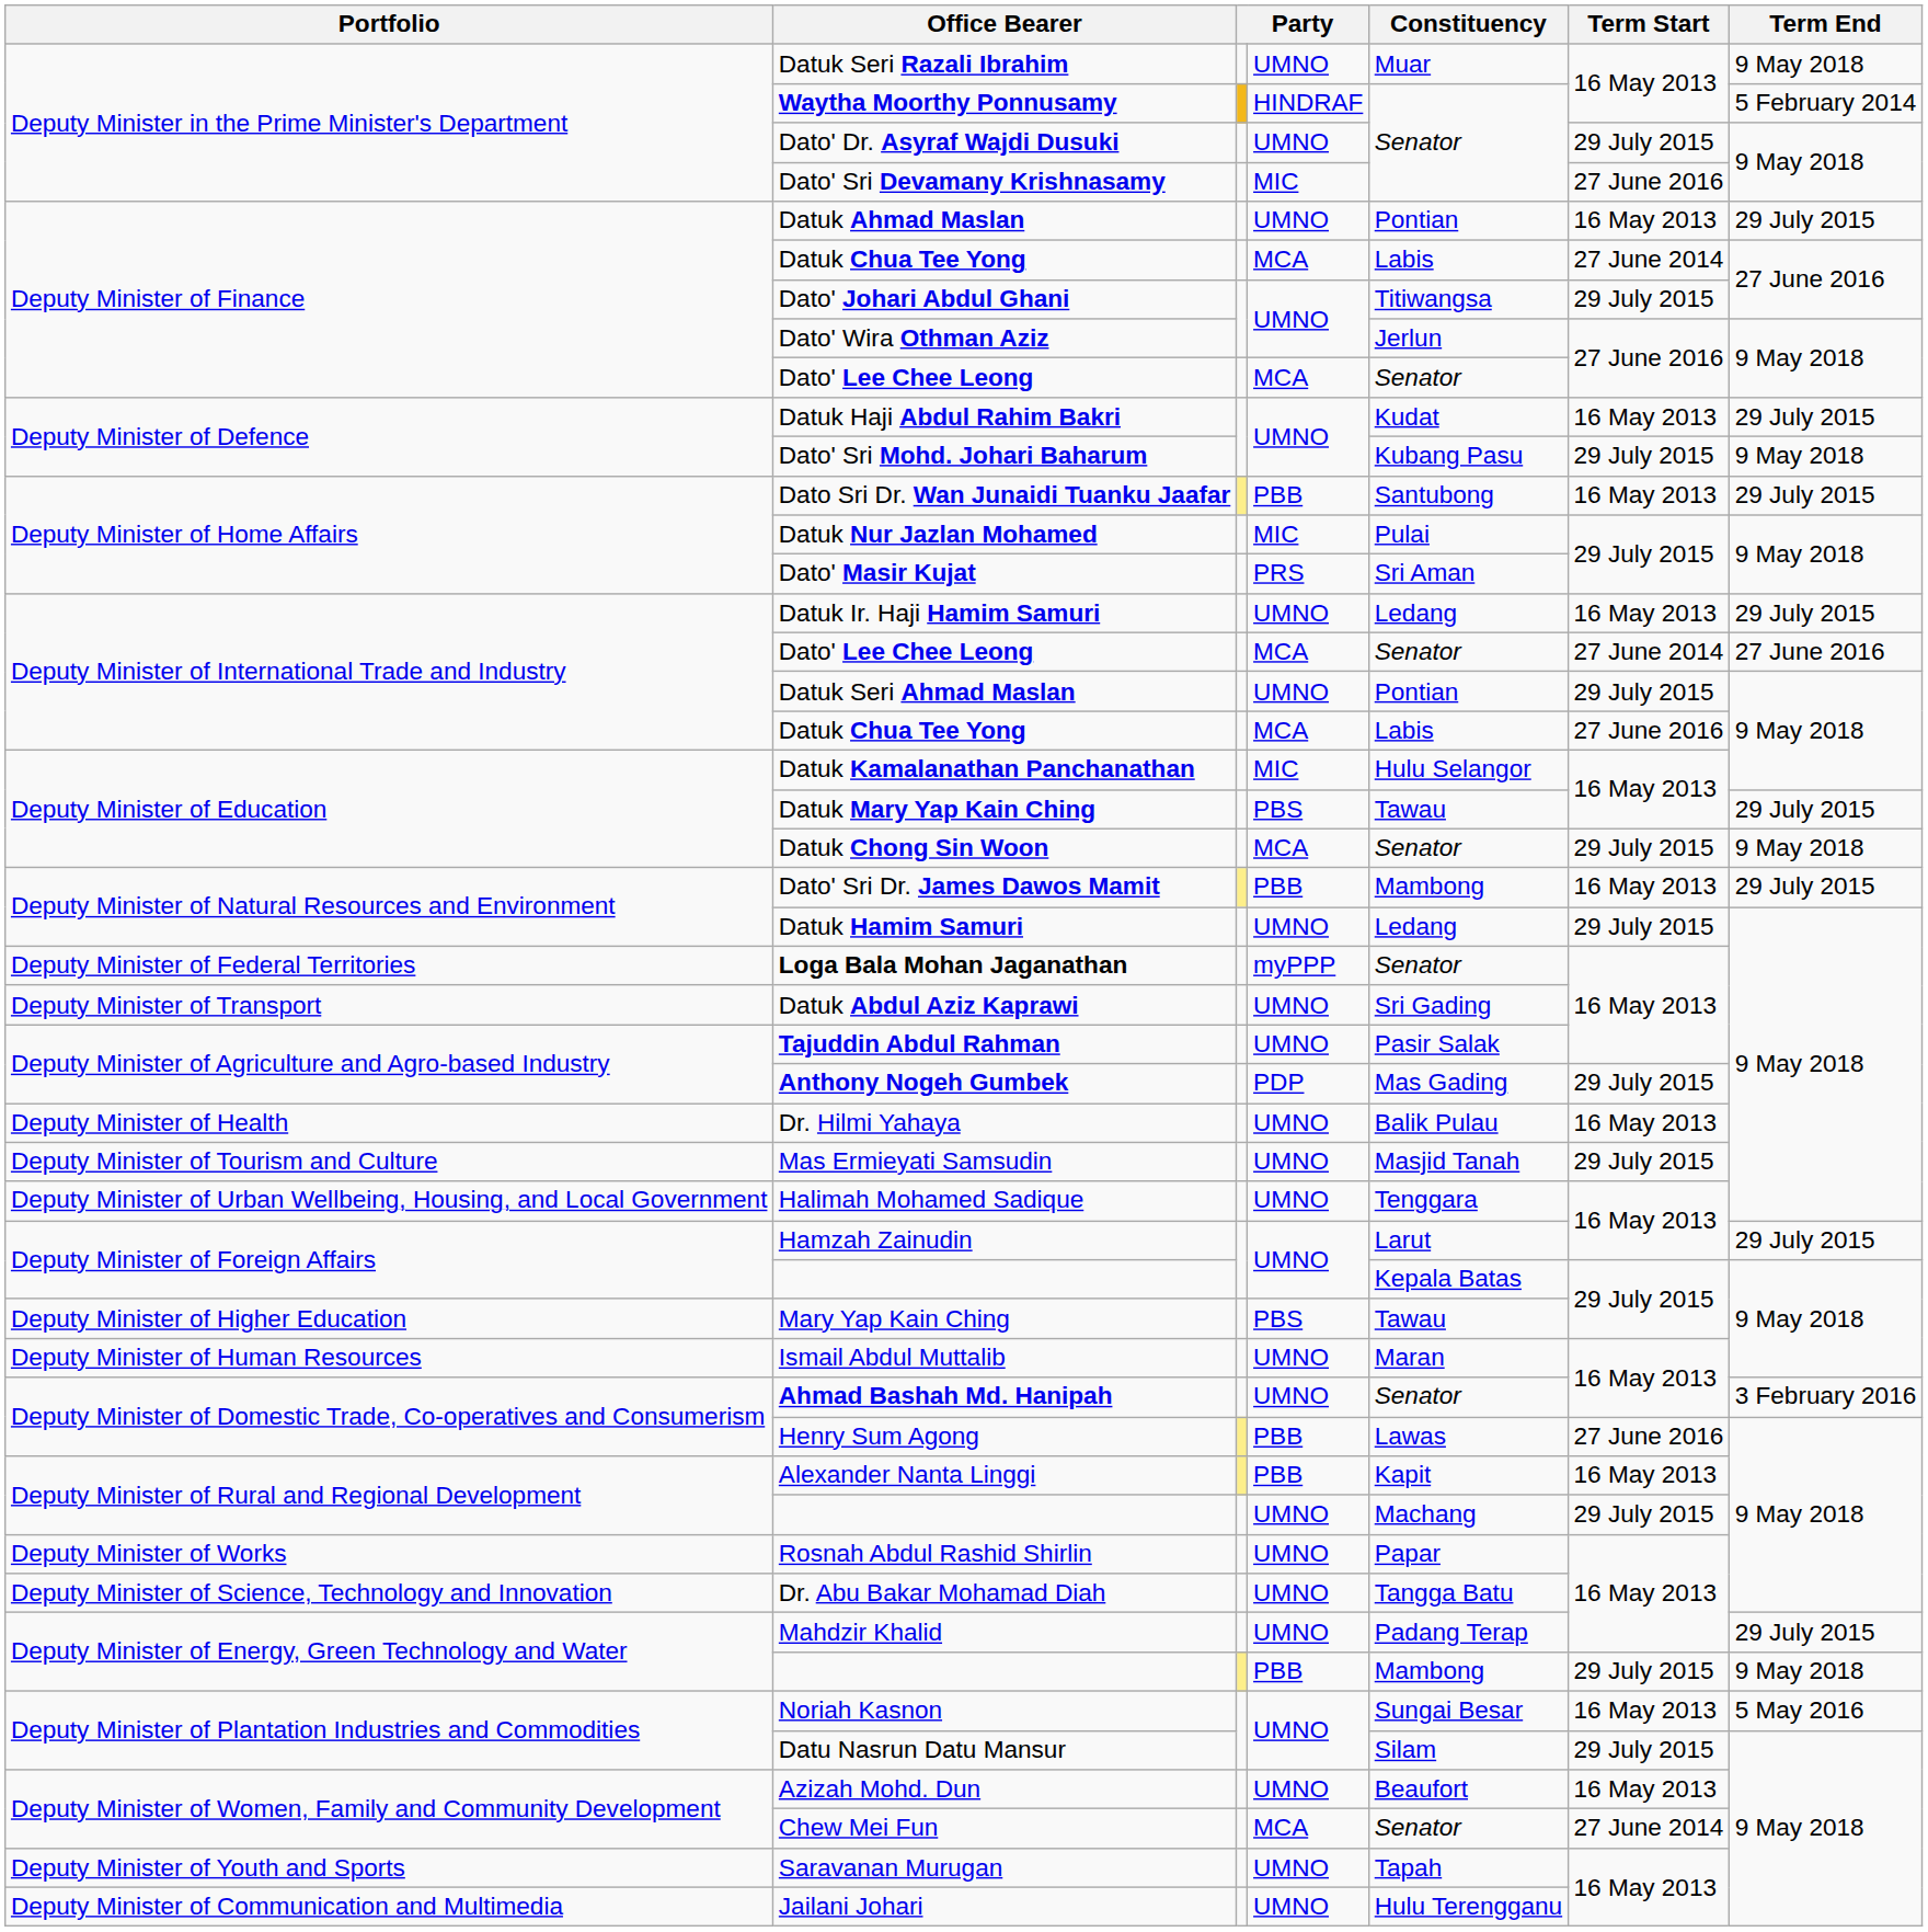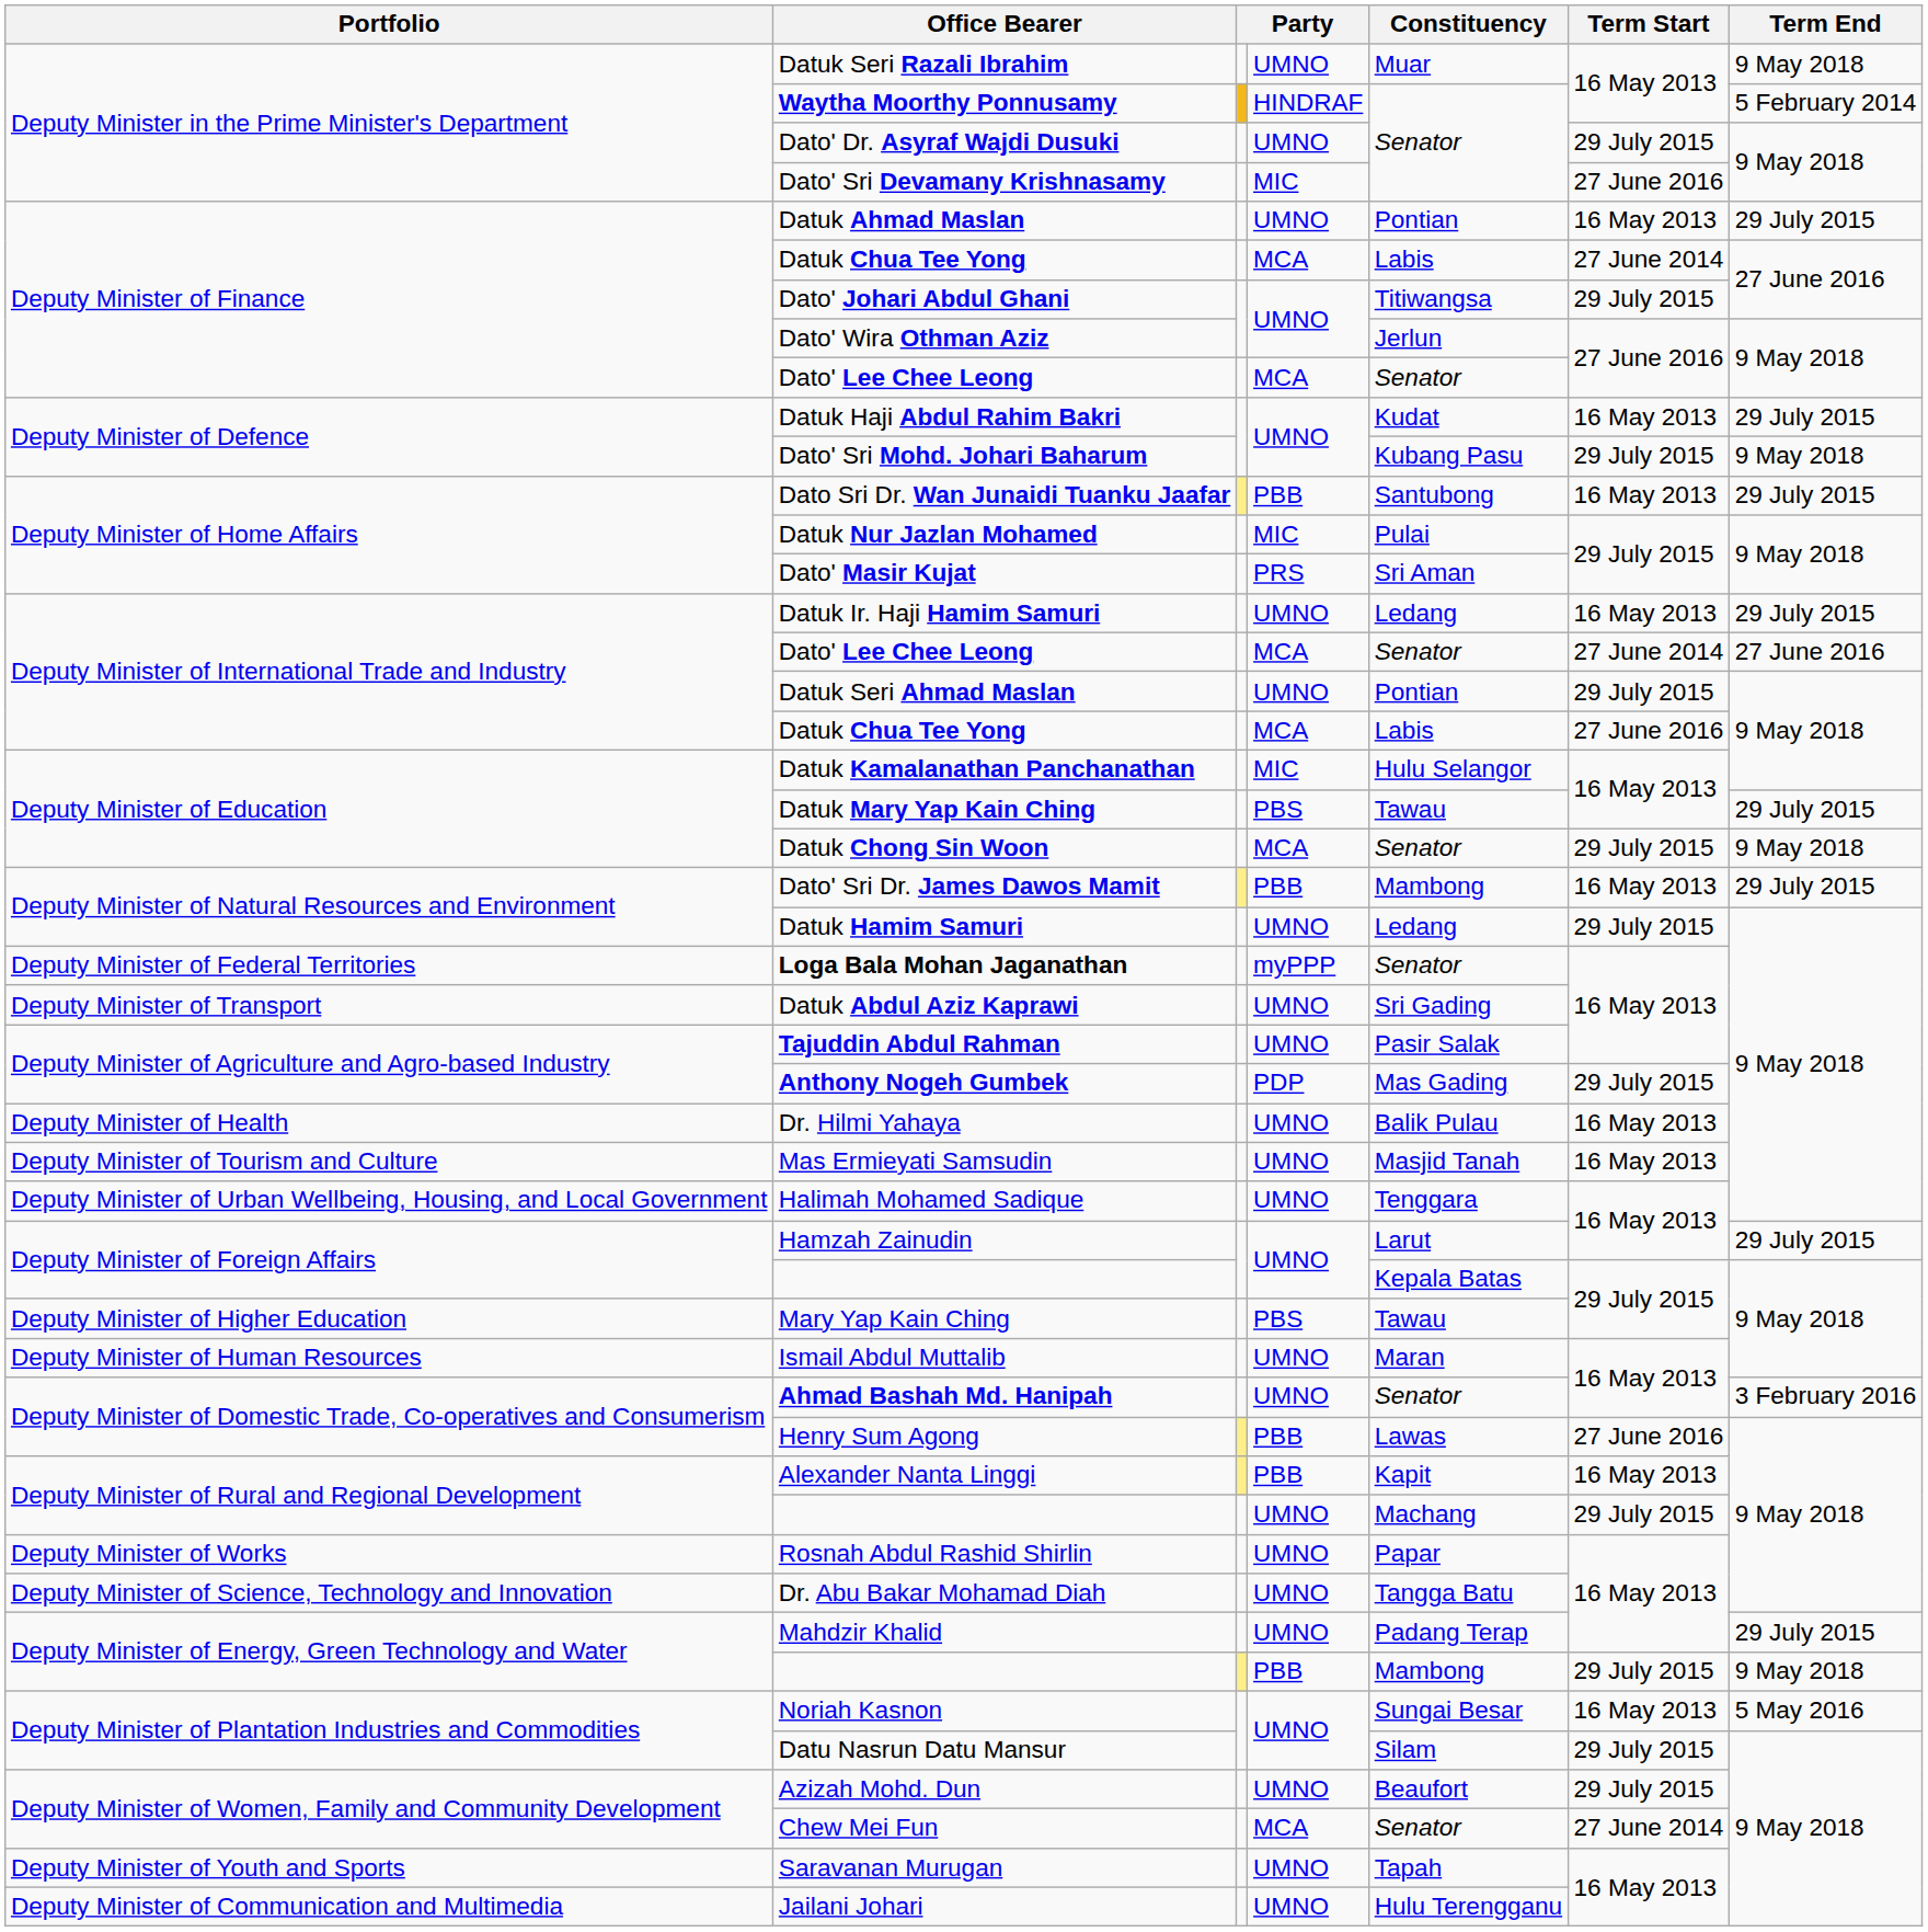 <table class="sortable wikitable">
 <tr>
 <th>Portfolio</th>
 <th>Office Bearer</th>
 <th colspan=2>Party</th>
 <th>Constituency</th>
 <th>Term Start</th>
 <th>Term End</th>
 </tr>
 <tr>
 <td rowspan="4"><a href='#'>Deputy Minister in the Prime Minister's Department</a></td>
 <td>Datuk Seri <strong><a href='#'>Razali Ibrahim</a></strong> </td>
 <td></td>
 <td><a href='#'>UMNO</a></td>
 <td><a href='#'>Muar</a></td>
 <td rowspan=2>16 May 2013</td>
 <td>9 May 2018</td>
 </tr>
 <tr>
 <td><strong><a href='#'>Waytha Moorthy Ponnusamy</a></strong></td>
 <td bgcolor=F3B81A></td>
 <td><a href='#'>HINDRAF</a></td>
 <td rowspan=3><em>Senator</em></td>
 <td>5 February 2014</td>
 </tr>
 <tr>
 <td>Dato' Dr. <strong><a href='#'>Asyraf Wajdi Dusuki</a></strong></td>
 <td></td>
 <td><a href='#'>UMNO</a></td>
 <td>29 July 2015</td>
 <td rowspan=2>9 May 2018</td>
 </tr>
 <tr>
 <td>Dato' Sri <strong><a href='#'>Devamany Krishnasamy</a></strong></td>
 <td></td>
 <td><a href='#'>MIC</a></td>
 <td>27 June 2016</td>
 </tr>
 <tr>
 <td rowspan="5"><a href='#'>Deputy Minister of Finance</a></td>
 <td>Datuk <strong><a href='#'>Ahmad Maslan</a></strong> </td>
 <td></td>
 <td><a href='#'>UMNO</a></td>
 <td><a href='#'>Pontian</a></td>
 <td>16 May 2013</td>
 <td>29 July 2015</td>
 </tr>
 <tr>
 <td>Datuk <strong><a href='#'>Chua Tee Yong</a></strong> </td>
 <td></td>
 <td><a href='#'>MCA</a></td>
 <td><a href='#'>Labis</a></td>
 <td>27 June 2014</td>
 <td rowspan=2>27 June 2016</td>
 </tr>
 <tr>
 <td>Dato' <strong><a href='#'>Johari Abdul Ghani</a></strong> </td>
 <td rowspan=2></td>
 <td rowspan="2"><a href='#'>UMNO</a></td>
 <td><a href='#'>Titiwangsa</a></td>
 <td>29 July 2015</td>
 </tr>
 <tr>
 <td>Dato' Wira <strong><a href='#'>Othman Aziz</a></strong> </td>
 <td><a href='#'>Jerlun</a></td>
 <td rowspan=2>27 June 2016</td>
 <td rowspan=2>9 May 2018</td>
 </tr>
 <tr>
 <td>Dato' <strong><a href='#'>Lee Chee Leong</a></strong></td>
 <td></td>
 <td><a href='#'>MCA</a></td>
 <td><em>Senator</em></td>
 </tr>
 <tr>
 <td rowspan=2><a href='#'>Deputy Minister of Defence</a></td>
 <td>Datuk Haji <strong><a href='#'>Abdul Rahim Bakri</a></strong> </td>
 <td rowspan=2></td>
 <td rowspan=2><a href='#'>UMNO</a></td>
 <td><a href='#'>Kudat</a></td>
 <td>16 May 2013</td>
 <td>29 July 2015</td>
 </tr>
 <tr>
 <td>Dato' Sri <strong><a href='#'>Mohd. Johari Baharum</a></strong> </td>
 <td><a href='#'>Kubang Pasu</a></td>
 <td>29 July 2015</td>
 <td>9 May 2018</td>
 </tr>
 <tr>
 <td rowspan=3><a href='#'>Deputy Minister of Home Affairs</a></td>
 <td>Dato Sri Dr. <strong><a href='#'>Wan Junaidi Tuanku Jaafar</a></strong> </td>
 <td bgcolor=#FDEF8B></td>
 <td><a href='#'>PBB</a></td>
 <td><a href='#'>Santubong</a></td>
 <td>16 May 2013</td>
 <td>29 July 2015</td>
 </tr>
 <tr>
 <td>Datuk <strong><a href='#'>Nur Jazlan Mohamed</a></strong></td>
 <td></td>
 <td><a href='#'>MIC</a></td>
 <td><a href='#'>Pulai</a></td>
 <td rowspan=2>29 July 2015</td>
 <td rowspan=2>9 May 2018</td>
 </tr>
 <tr>
 <td>Dato' <strong><a href='#'>Masir Kujat</a></strong> </td>
 <td></td>
 <td><a href='#'>PRS</a></td>
 <td><a href='#'>Sri Aman</a></td>
 </tr>
 <tr>
 <td rowspan="4"><a href='#'>Deputy Minister of International Trade and Industry</a></td>
 <td>Datuk Ir. Haji <strong><a href='#'>Hamim Samuri</a></strong> </td>
 <td></td>
 <td><a href='#'>UMNO</a></td>
 <td><a href='#'>Ledang</a></td>
 <td>16 May 2013</td>
 <td>29 July 2015</td>
 </tr>
 <tr>
 <td>Dato' <strong><a href='#'>Lee Chee Leong</a></strong></td>
 <td></td>
 <td><a href='#'>MCA</a></td>
 <td><em>Senator</em></td>
 <td>27 June 2014</td>
 <td>27 June 2016</td>
 </tr>
 <tr>
 <td>Datuk Seri <strong><a href='#'>Ahmad Maslan</a></strong> </td>
 <td></td>
 <td><a href='#'>UMNO</a></td>
 <td><a href='#'>Pontian</a></td>
 <td>29 July 2015</td>
 <td rowspan=3>9 May 2018</td>
 </tr>
 <tr>
 <td>Datuk <strong><a href='#'>Chua Tee Yong</a></strong> </td>
 <td></td>
 <td><a href='#'>MCA</a></td>
 <td><a href='#'>Labis</a></td>
 <td>27 June 2016</td>
 </tr>
 <tr>
 <td rowspan="3"><a href='#'>Deputy Minister of Education</a></td>
 <td>Datuk <strong><a href='#'>Kamalanathan Panchanathan</a></strong></td>
 <td></td>
 <td><a href='#'>MIC</a></td>
 <td><a href='#'>Hulu Selangor</a></td>
 <td rowspan=2>16 May 2013</td>
 </tr>
 <tr>
 <td>Datuk <strong><a href='#'>Mary Yap Kain Ching</a></strong> </td>
 <td></td>
 <td><a href='#'>PBS</a></td>
 <td><a href='#'>Tawau</a></td>
 <td>29 July 2015</td>
 </tr>
 <tr>
 <td>Datuk <strong><a href='#'>Chong Sin Woon</a></strong></td>
 <td></td>
 <td><a href='#'>MCA</a></td>
 <td><em>Senator</em></td>
 <td>29 July 2015</td>
 <td>9 May 2018</td>
 </tr>
 <tr>
 <td rowspan=2><a href='#'>Deputy Minister of Natural Resources and Environment</a></td>
 <td>Dato' Sri Dr. <strong><a href='#'>James Dawos Mamit</a></strong> </td>
 <td bgcolor=#FDEF8B></td>
 <td><a href='#'>PBB</a></td>
 <td><a href='#'>Mambong</a></td>
 <td>16 May 2013</td>
 <td>29 July 2015</td>
 </tr>
 <tr>
 <td>Datuk <strong><a href='#'>Hamim Samuri</a></strong> </td>
 <td></td>
 <td><a href='#'>UMNO</a></td>
 <td><a href='#'>Ledang</a></td>
 <td>29 July 2015</td>
 <td rowspan=8>9 May 2018</td>
 </tr>
 <tr>
 <td><a href='#'>Deputy Minister of Federal Territories</a></td>
 <td><strong>Loga Bala Mohan Jaganathan</strong></td>
 <td></td>
 <td><a href='#'>myPPP</a></td>
 <td><em>Senator</em></td>
 <td rowspan=3>16 May 2013</td>
 </tr>
 <tr>
 <td><a href='#'>Deputy Minister of Transport</a></td>
 <td>Datuk <strong><a href='#'>Abdul Aziz Kaprawi</a></strong> </td>
 <td></td>
 <td><a href='#'>UMNO</a></td>
 <td><a href='#'>Sri Gading</a></td>
 </tr>
 <tr>
 <td rowspan=2><a href='#'>Deputy Minister of Agriculture and Agro-based Industry</a></td>
 <td><strong><a href='#'>Tajuddin Abdul Rahman</a></strong> </td>
 <td></td>
 <td><a href='#'>UMNO</a></td>
 <td><a href='#'>Pasir Salak</a></td>
 </tr>
 <tr>
 <td><strong><a href='#'>Anthony Nogeh Gumbek</a></strong> </td>
 <td></td>
 <td><a href='#'>PDP</a></td>
 <td><a href='#'>Mas Gading</a></td>
 <td>29 July 2015</td>
 </tr>
 <tr>
 <td><a href='#'>Deputy Minister of Health</a></td>
 <td>Dr. <a href='#'>Hilmi Yahaya</a> </td>
 <td></td>
 <td><a href='#'>UMNO</a></td>
 <td><a href='#'>Balik Pulau</a></td>
 <td>16 May 2013</td>
 </tr>
 <tr>
 <td><a href='#'>Deputy Minister of Tourism and Culture</a></td>
 <td><a href='#'>Mas Ermieyati Samsudin</a> </td>
 <td></td>
 <td><a href='#'>UMNO</a></td>
 <td><a href='#'>Masjid Tanah</a></td>
-<td>29 July 2015</td>
+<td>16 May 2013</td>
 </tr>
 <tr>
 <td><a href='#'>Deputy Minister of Urban Wellbeing, Housing, and Local Government</a></td>
 <td><a href='#'>Halimah Mohamed Sadique</a> </td>
 <td></td>
 <td><a href='#'>UMNO</a></td>
 <td><a href='#'>Tenggara</a></td>
 <td rowspan=2>16 May 2013</td>
 </tr>
 <tr>
 <td rowspan=2><a href='#'>Deputy Minister of Foreign Affairs</a></td>
 <td><a href='#'>Hamzah Zainudin</a> </td>
 <td rowspan=2></td>
 <td rowspan=2><a href='#'>UMNO</a></td>
 <td><a href='#'>Larut</a></td>
 <td>29 July 2015</td>
 </tr>
 <tr>
 <td> </td>
 <td><a href='#'>Kepala Batas</a></td>
 <td rowspan=2>29 July 2015</td>
 <td rowspan=3>9 May 2018</td>
 </tr>
 <tr>
 <td><a href='#'>Deputy Minister of Higher Education</a></td>
 <td><a href='#'>Mary Yap Kain Ching</a></td>
 <td></td>
 <td><a href='#'>PBS</a></td>
 <td><a href='#'>Tawau</a></td>
 </tr>
 <tr>
 <td><a href='#'>Deputy Minister of Human Resources</a></td>
 <td><a href='#'>Ismail Abdul Muttalib</a> </td>
 <td></td>
 <td><a href='#'>UMNO</a></td>
 <td><a href='#'>Maran</a></td>
 <td rowspan=2>16 May 2013</td>
 </tr>
 <tr>
 <td rowspan="2"><a href='#'>Deputy Minister of Domestic Trade, Co-operatives and Consumerism</a></td>
 <td><strong><a href='#'>Ahmad Bashah Md. Hanipah</a></strong></td>
 <td></td>
 <td><a href='#'>UMNO</a></td>
 <td><em>Senator</em></td>
 <td>3 February 2016</td>
 </tr>
 <tr>
 <td><a href='#'>Henry Sum Agong</a> </td>
 <td bgcolor=#FDEF8B></td>
 <td><a href='#'>PBB</a></td>
 <td><a href='#'>Lawas</a></td>
 <td>27 June 2016</td>
 <td rowspan=5>9 May 2018</td>
 </tr>
 <tr>
 <td rowspan="2"><a href='#'>Deputy Minister of Rural and Regional Development</a></td>
 <td><a href='#'>Alexander Nanta Linggi</a> </td>
 <td bgcolor=#FDEF8B></td>
 <td><a href='#'>PBB</a></td>
 <td><a href='#'>Kapit</a></td>
 <td>16 May 2013</td>
 </tr>
 <tr>
 <td> </td>
 <td></td>
 <td><a href='#'>UMNO</a></td>
 <td><a href='#'>Machang</a></td>
 <td>29 July 2015</td>
 </tr>
 <tr>
 <td><a href='#'>Deputy Minister of Works</a></td>
 <td><a href='#'>Rosnah Abdul Rashid Shirlin</a> </td>
 <td></td>
 <td><a href='#'>UMNO</a></td>
 <td><a href='#'>Papar</a></td>
 <td rowspan=3>16 May 2013</td>
 </tr>
 <tr>
 <td><a href='#'>Deputy Minister of Science, Technology and Innovation</a></td>
 <td>Dr. <a href='#'>Abu Bakar Mohamad Diah</a> </td>
 <td></td>
 <td><a href='#'>UMNO</a></td>
 <td><a href='#'>Tangga Batu</a></td>
 </tr>
 <tr>
 <td rowspan=2><a href='#'>Deputy Minister of Energy, Green Technology and Water</a></td>
 <td><a href='#'>Mahdzir Khalid</a> </td>
 <td></td>
 <td><a href='#'>UMNO</a></td>
 <td><a href='#'>Padang Terap</a></td>
 <td>29 July 2015</td>
 </tr>
 <tr>
 <td> </td>
 <td bgcolor=#FDEF8B></td>
 <td><a href='#'>PBB</a></td>
 <td><a href='#'>Mambong</a></td>
 <td>29 July 2015</td>
 <td>9 May 2018</td>
 </tr>
 <tr>
 <td rowspan="2"><a href='#'>Deputy Minister of Plantation Industries and Commodities</a></td>
 <td><a href='#'>Noriah Kasnon</a> </td>
 <td rowspan="2"></td>
 <td rowspan="2"><a href='#'>UMNO</a></td>
 <td><a href='#'>Sungai Besar</a></td>
 <td>16 May 2013</td>
 <td>5 May 2016</td>
 </tr>
 <tr>
 <td>Datu Nasrun Datu Mansur </td>
 <td><a href='#'>Silam</a></td>
 <td>29 July 2015</td>
 <td rowspan=5>9 May 2018</td>
 </tr>
 <tr>
 <td rowspan="2"><a href='#'>Deputy Minister of Women, Family and Community Development</a></td>
 <td><a href='#'>Azizah Mohd. Dun</a> </td>
 <td></td>
 <td><a href='#'>UMNO</a></td>
 <td><a href='#'>Beaufort</a></td>
-<td>16 May 2013</td>
+<td>29 July 2015</td>
 </tr>
 <tr>
 <td><a href='#'>Chew Mei Fun</a></td>
 <td></td>
 <td><a href='#'>MCA</a></td>
 <td><em>Senator</em></td>
 <td>27 June 2014</td>
 </tr>
 <tr>
 <td><a href='#'>Deputy Minister of Youth and Sports</a></td>
 <td><a href='#'>Saravanan Murugan</a> </td>
 <td></td>
 <td><a href='#'>UMNO</a></td>
 <td><a href='#'>Tapah</a></td>
 <td rowspan=2>16 May 2013</td>
 </tr>
 <tr>
 <td><a href='#'>Deputy Minister of Communication and Multimedia</a></td>
 <td><a href='#'>Jailani Johari</a> </td>
 <td></td>
 <td><a href='#'>UMNO</a></td>
 <td><a href='#'>Hulu Terengganu</a></td>
 </tr>
 </table>
